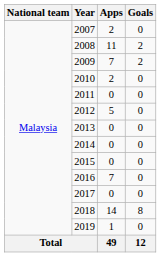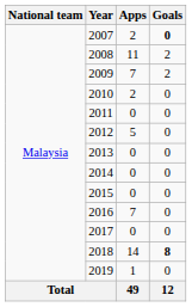 <table class=wikitable style="text-align: center;">
 <tr>
 <th>National team</th>
 <th>Year</th>
 <th>Apps</th>
 <th>Goals</th>
 </tr>
 <tr>
 <td rowspan=13><a href='#'>Malaysia</a></td>
 <td>2007</td>
 <td>2</td>
-<td>0</td>
+<td><strong>0</strong></td>
 </tr>
 <tr>
 <td>2008</td>
 <td>11</td>
 <td>2</td>
 </tr>
 <tr>
 <td>2009</td>
 <td>7</td>
 <td>2</td>
 </tr>
 <tr>
 <td>2010</td>
 <td>2</td>
 <td>0</td>
 </tr>
 <tr>
 <td>2011</td>
 <td>0</td>
 <td>0</td>
 </tr>
 <tr>
 <td>2012</td>
 <td>5</td>
 <td>0</td>
 </tr>
 <tr>
 <td>2013</td>
 <td>0</td>
 <td>0</td>
 </tr>
 <tr>
 <td>2014</td>
 <td>0</td>
 <td>0</td>
 </tr>
 <tr>
 <td>2015</td>
 <td>0</td>
 <td>0</td>
 </tr>
 <tr>
 <td>2016</td>
 <td>7</td>
 <td>0</td>
 </tr>
 <tr>
 <td>2017</td>
 <td>0</td>
 <td>0</td>
 </tr>
 <tr>
 <td>2018</td>
 <td>14</td>
-<td>8</td>
+<td><strong>8</strong></td>
 </tr>
 <tr>
 <td>2019</td>
 <td>1</td>
 <td>0</td>
 </tr>
 <tr>
 <th colspan=2>Total</th>
 <th>49</th>
 <th>12</th>
 </tr>
 </table>
